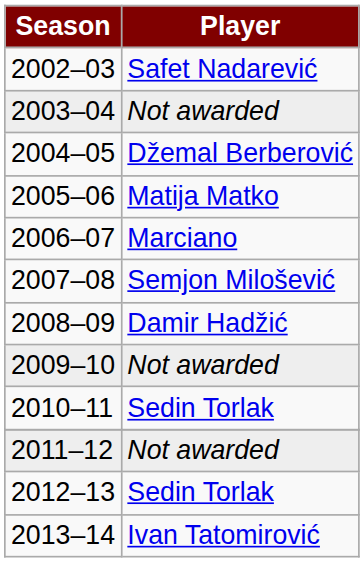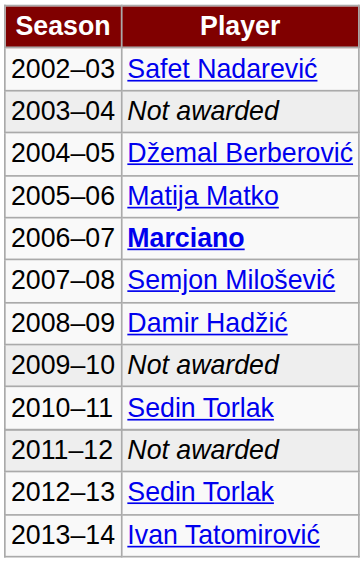 <table class="wikitable" style="display:inline-table">
 <tr>
 <th style="color:#FFFFFF;background:#800000;">Season</th>
 <th style="color:#FFFFFF;background:#800000;">Player</th>
 </tr>
 <tr>
 <td>2002–03</td>
 <td> <a href='#'>Safet Nadarević</a></td>
 </tr>
 <tr bgcolor=#EEEEEE>
 <td>2003–04</td>
 <td colspan=2><em>Not awarded</em></td>
 </tr>
 <tr>
 <td>2004–05</td>
 <td> <a href='#'>Džemal Berberović</a></td>
 </tr>
 <tr>
 <td>2005–06</td>
 <td> <a href='#'>Matija Matko</a></td>
 </tr>
 <tr>
 <td>2006–07</td>
-<td> <a href='#'>Marciano</a></td>
+<td><strong> <a href='#'>Marciano</a></strong></td>
 </tr>
 <tr>
 <td>2007–08</td>
 <td> <a href='#'>Semjon Milošević</a></td>
 </tr>
 <tr>
 <td>2008–09</td>
 <td> <a href='#'>Damir Hadžić</a></td>
 </tr>
 <tr bgcolor=#EEEEEE>
 <td>2009–10</td>
 <td colspan=2><em>Not awarded</em></td>
 </tr>
 <tr>
 <td>2010–11</td>
 <td> <a href='#'>Sedin Torlak</a></td>
 </tr>
 <tr>
 </tr>
 <tr bgcolor=#EEEEEE>
 <td>2011–12</td>
 <td colspan=2><em>Not awarded</em></td>
 </tr>
 <tr>
 <td>2012–13</td>
 <td> <a href='#'>Sedin Torlak</a></td>
 </tr>
 <tr>
 <td>2013–14</td>
 <td> <a href='#'>Ivan Tatomirović</a></td>
 </tr>
 </table>
